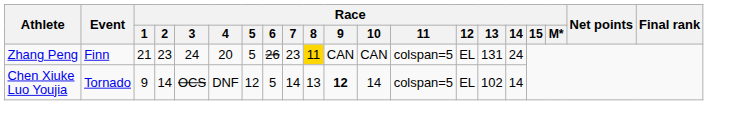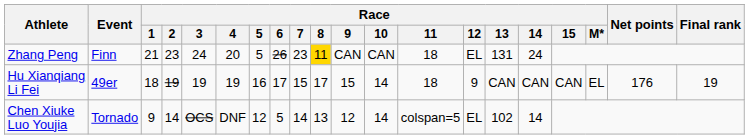 <table class="wikitable" style="font-size:90%">
 <tr>
 <th rowspan=2>Athlete</th>
 <th rowspan=2>Event</th>
 <th colspan=16>Race</th>
 <th rowspan=2>Net points</th>
 <th rowspan=2>Final rank</th>
 </tr>
 <tr style="font-size:95%">
 <th>1</th>
 <th>2</th>
 <th>3</th>
 <th>4</th>
 <th>5</th>
 <th>6</th>
 <th>7</th>
 <th>8</th>
 <th>9</th>
 <th>10</th>
 <th>11</th>
 <th>12</th>
 <th>13</th>
 <th>14</th>
 <th>15</th>
 <th>M*</th>
 </tr>
 <tr align=center>
 <td align=left><a href='#'>Zhang Peng</a></td>
 <td align=left><a href='#'>Finn</a></td>
 <td>21</td>
 <td>23</td>
 <td>24</td>
 <td>20</td>
 <td>5</td>
 <td><s>26</s></td>
 <td>23</td>
 <td style="background: gold;">11</td>
 <td>CAN</td>
 <td>CAN</td>
-<td>colspan=5 </td>
+<td>18</td>
 <td>EL</td>
 <td>131</td>
 <td>24</td>
+</tr>
+<tr align=center>
+<td align=left><a href='#'>Hu Xianqiang</a><br><a href='#'>Li Fei</a></td>
+<td align=left><a href='#'>49er</a></td>
+<td>18</td>
+<td><s>19</s></td>
+<td>19</td>
+<td>19</td>
+<td>16</td>
+<td>17</td>
+<td>15</td>
+<td>17</td>
+<td>15</td>
+<td>14</td>
+<td>18</td>
+<td>9</td>
+<td>CAN</td>
+<td>CAN</td>
+<td>CAN</td>
+<td>EL</td>
+<td>176</td>
+<td>19</td>
 </tr>
 <tr align=center>
 <td align=left><a href='#'>Chen Xiuke</a><br><a href='#'>Luo Youjia</a></td>
 <td align=left><a href='#'>Tornado</a></td>
 <td>9</td>
 <td>14</td>
 <td><s>OCS</s></td>
 <td>DNF</td>
 <td>12</td>
 <td>5</td>
 <td>14</td>
 <td>13</td>
-<td><strong>12</strong></td>
+<td>12</td>
 <td>14</td>
 <td>colspan=5 </td>
 <td>EL</td>
 <td>102</td>
 <td>14</td>
 </tr>
 </table>
